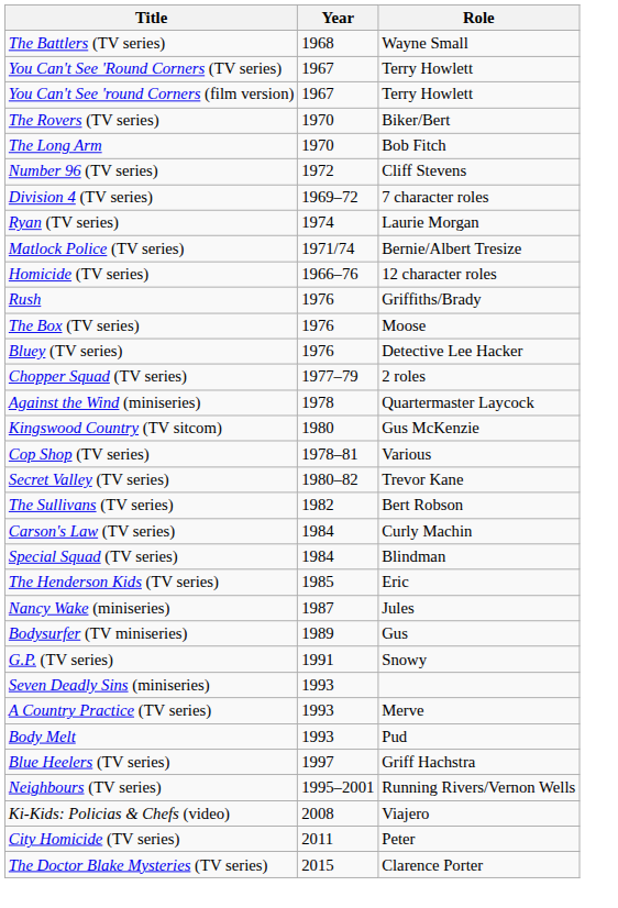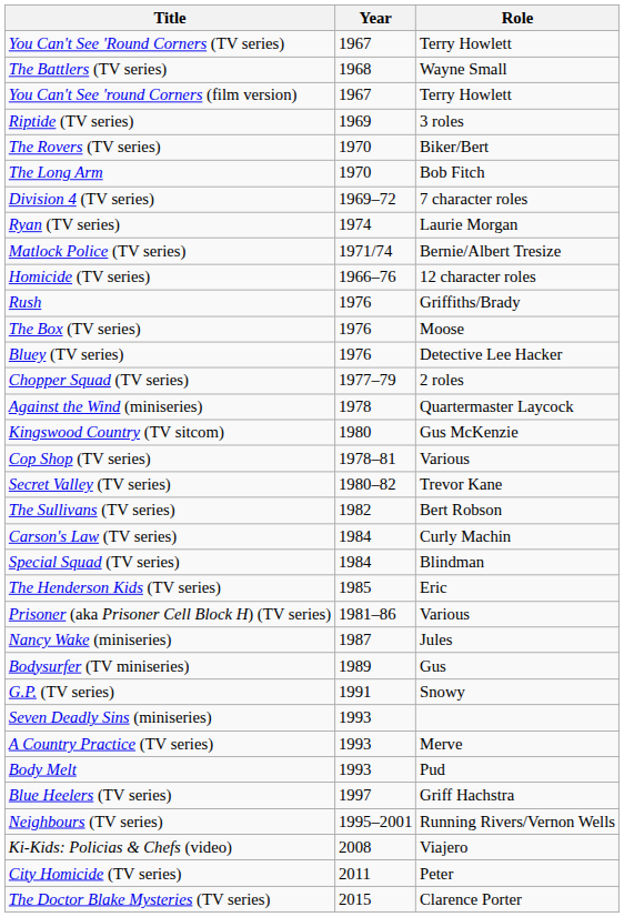 <table class="wikitable">
 <tr>
 <th>Title</th>
 <th>Year</th>
 <th>Role</th>
 </tr>
 <tr>
+<td><em><a href='#'>You Can't See 'Round Corners</a></em> (TV series)</td>
+<td>1967</td>
+<td>Terry Howlett</td>
+</tr>
+<tr>
 <td><em><a href='#'>The Battlers</a></em> (TV series)</td>
 <td>1968</td>
 <td>Wayne Small</td>
 </tr>
 <tr>
-<td><em><a href='#'>You Can't See 'Round Corners</a></em> (TV series)</td>
+<td><em><a href='#'>You Can't See 'round Corners</a></em> (film version)</td>
 <td>1967</td>
 <td>Terry Howlett</td>
 </tr>
 <tr>
-<td><em><a href='#'>You Can't See 'round Corners</a></em> (film version)</td>
-<td>1967</td>
-<td>Terry Howlett</td>
+<td><em><a href='#'>Riptide</a></em> (TV series)</td>
+<td>1969</td>
+<td>3 roles</td>
 </tr>
 <tr>
 <td><em><a href='#'>The Rovers</a></em> (TV series)</td>
 <td>1970</td>
 <td>Biker/Bert</td>
 </tr>
 <tr>
 <td><em><a href='#'>The Long Arm</a></em></td>
 <td>1970</td>
 <td>Bob Fitch</td>
-</tr>
-<tr>
-<td><em><a href='#'>Number 96</a></em> (TV series)</td>
-<td>1972</td>
-<td>Cliff Stevens</td>
 </tr>
 <tr>
 <td><em><a href='#'>Division 4</a></em> (TV series)</td>
 <td>1969–72</td>
 <td>7 character roles</td>
 </tr>
 <tr>
 <td><em><a href='#'>Ryan</a></em> (TV series)</td>
 <td>1974</td>
 <td>Laurie Morgan</td>
 </tr>
 <tr>
 <td><em><a href='#'>Matlock Police</a></em> (TV series)</td>
 <td>1971/74</td>
 <td>Bernie/Albert Tresize</td>
 </tr>
 <tr>
 <td><em><a href='#'>Homicide</a></em> (TV series)</td>
 <td>1966–76</td>
 <td>12 character roles</td>
 </tr>
 <tr>
 <td><em><a href='#'>Rush</a></em></td>
 <td>1976</td>
 <td>Griffiths/Brady</td>
 </tr>
 <tr>
 <td><em><a href='#'>The Box</a></em> (TV series)</td>
 <td>1976</td>
 <td>Moose</td>
 </tr>
 <tr>
 <td><em><a href='#'>Bluey</a></em> (TV series)</td>
 <td>1976</td>
 <td>Detective Lee Hacker</td>
 </tr>
 <tr>
 <td><em><a href='#'>Chopper Squad</a></em> (TV series)</td>
 <td>1977–79</td>
 <td>2 roles</td>
 </tr>
 <tr>
 <td><em><a href='#'>Against the Wind</a></em> (miniseries)</td>
 <td>1978</td>
 <td>Quartermaster Laycock</td>
 </tr>
 <tr>
 <td><em><a href='#'>Kingswood Country</a></em> (TV sitcom)</td>
 <td>1980</td>
 <td>Gus McKenzie</td>
 </tr>
 <tr>
 <td><em><a href='#'>Cop Shop</a></em> (TV series)</td>
 <td>1978–81</td>
 <td>Various</td>
 </tr>
 <tr>
 <td><em><a href='#'>Secret Valley</a></em> (TV series)</td>
 <td>1980–82</td>
 <td>Trevor Kane</td>
 </tr>
 <tr>
 <td><em><a href='#'>The Sullivans</a></em> (TV series)</td>
 <td>1982</td>
 <td>Bert Robson</td>
 </tr>
 <tr>
 <td><em><a href='#'>Carson's Law</a></em> (TV series)</td>
 <td>1984</td>
 <td>Curly Machin</td>
 </tr>
 <tr>
 <td><em><a href='#'>Special Squad</a></em> (TV series)</td>
 <td>1984</td>
 <td>Blindman</td>
 </tr>
 <tr>
 <td><em><a href='#'>The Henderson Kids</a></em> (TV series)</td>
 <td>1985</td>
 <td>Eric</td>
 </tr>
 <tr>
+<td><em><a href='#'>Prisoner</a></em> (aka <em>Prisoner Cell Block H</em>) (TV series)</td>
+<td>1981–86</td>
+<td>Various</td>
+</tr>
+<tr>
 <td><em><a href='#'>Nancy Wake</a></em> (miniseries)</td>
 <td>1987</td>
 <td>Jules</td>
 </tr>
 <tr>
 <td><em><a href='#'>Bodysurfer</a></em> (TV miniseries)</td>
 <td>1989</td>
 <td>Gus</td>
 </tr>
 <tr>
 <td><em><a href='#'>G.P.</a></em> (TV series)</td>
 <td>1991</td>
 <td>Snowy</td>
 </tr>
 <tr>
 <td><em><a href='#'>Seven Deadly Sins</a></em> (miniseries)</td>
 <td>1993</td>
 <td></td>
 </tr>
 <tr>
 <td><em><a href='#'>A Country Practice</a></em> (TV series)</td>
 <td>1993</td>
 <td>Merve</td>
 </tr>
 <tr>
 <td><em><a href='#'>Body Melt</a></em></td>
 <td>1993</td>
 <td>Pud</td>
 </tr>
 <tr>
 <td><em><a href='#'>Blue Heelers</a></em> (TV series)</td>
 <td>1997</td>
 <td>Griff Hachstra</td>
 </tr>
 <tr>
 <td><em><a href='#'>Neighbours</a></em> (TV series)</td>
 <td>1995–2001</td>
 <td>Running Rivers/Vernon Wells</td>
 </tr>
 <tr>
 <td><em>Ki-Kids: Policias & Chefs</em> (video)</td>
 <td>2008</td>
 <td>Viajero</td>
 </tr>
 <tr>
 <td><em><a href='#'>City Homicide</a></em> (TV series)</td>
 <td>2011</td>
 <td>Peter</td>
 </tr>
 <tr>
 <td><em><a href='#'>The Doctor Blake Mysteries</a></em> (TV series)</td>
 <td>2015</td>
 <td>Clarence Porter</td>
 </tr>
 </table>
